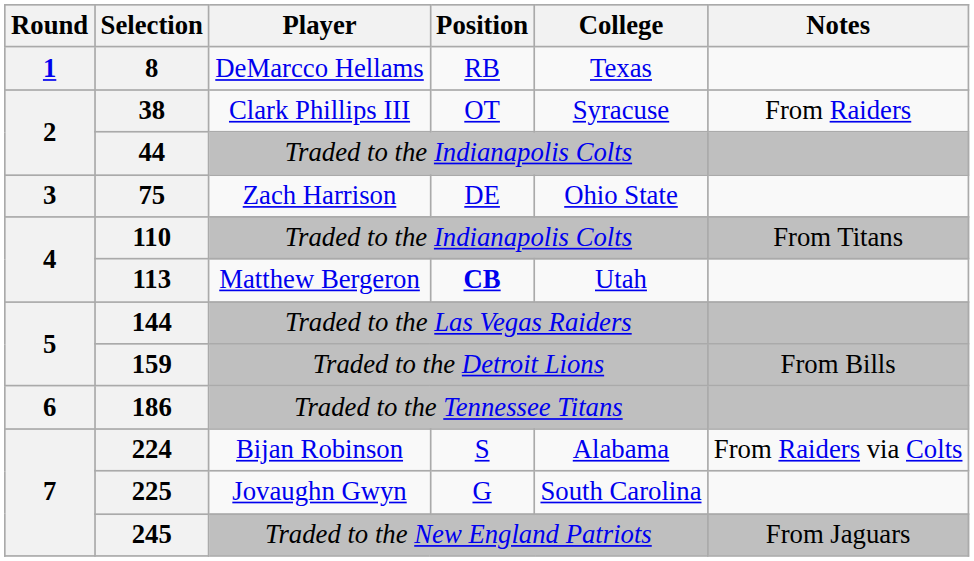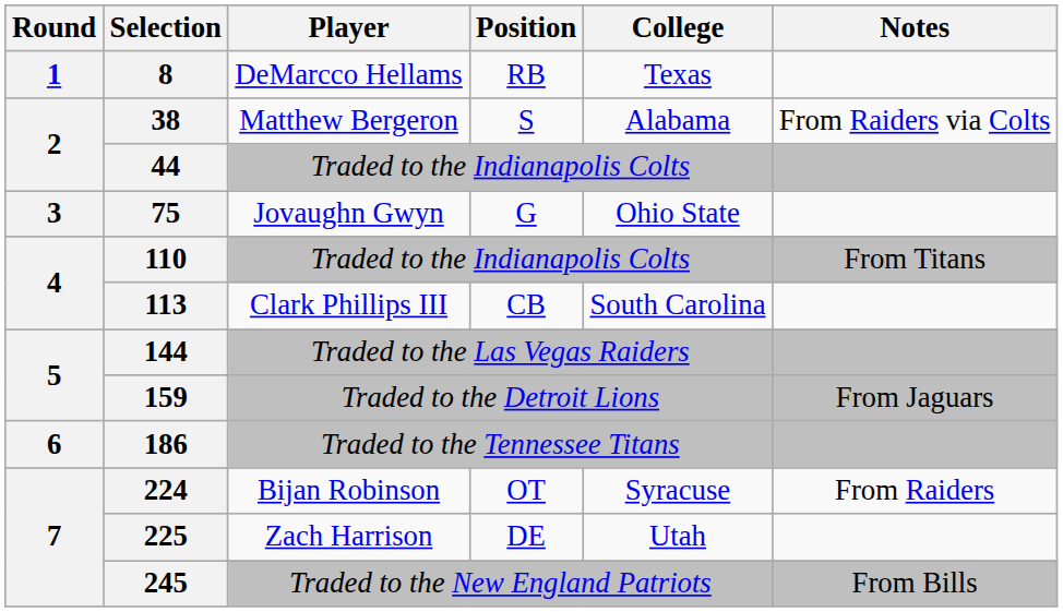 <table class="wikitable" style="text-align:center">
 <tr>
 <th>Round</th>
 <th>Selection</th>
 <th>Player</th>
 <th>Position</th>
 <th>College</th>
 <th>Notes</th>
 </tr>
 <tr>
 <th><a href='#'>1</a></th>
 <th>8</th>
 <td><a href='#'>DeMarcco Hellams</a></td>
 <td><a href='#'>RB</a></td>
 <td><a href='#'>Texas</a></td>
 <td></td>
 </tr>
 <tr>
 <th rowspan="2">2</th>
 <th>38</th>
-<td><a href='#'>Clark Phillips III</a></td>
-<td><a href='#'>OT</a></td>
-<td><a href='#'>Syracuse</a></td>
-<td>From <a href='#'>Raiders</a></td>
+<td><a href='#'>Matthew Bergeron</a></td>
+<td><a href='#'>S</a></td>
+<td><a href='#'>Alabama</a></td>
+<td>From <a href='#'>Raiders</a> via <a href='#'>Colts</a></td>
 </tr>
 <tr>
 <th>44</th>
 <td colspan="3" style="background:#BFBFBF"><em>Traded to the <a href='#'>Indianapolis Colts</a></em></td>
 <td style="background:#BFBFBF"></td>
 </tr>
 <tr>
 <th>3</th>
 <th>75</th>
-<td><a href='#'>Zach Harrison</a></td>
-<td><a href='#'>DE</a></td>
+<td><a href='#'>Jovaughn Gwyn</a></td>
+<td><a href='#'>G</a></td>
 <td><a href='#'>Ohio State</a></td>
 <td></td>
 </tr>
 <tr>
 <th rowspan="2">4</th>
 <th>110</th>
 <td colspan="3" style="background:#BFBFBF"><em>Traded to the <a href='#'>Indianapolis Colts</a></em></td>
 <td style="background:#BFBFBF">From Titans</td>
 </tr>
 <tr>
 <th>113</th>
-<td><a href='#'>Matthew Bergeron</a></td>
-<td><strong><a href='#'>CB</a></strong></td>
-<td><a href='#'>Utah</a></td>
+<td><a href='#'>Clark Phillips III</a></td>
+<td><a href='#'>CB</a></td>
+<td><a href='#'>South Carolina</a></td>
 <td></td>
 </tr>
 <tr>
 <th rowspan="2">5</th>
 <th>144</th>
 <td colspan="3" style="background:#BFBFBF"><em>Traded to the <a href='#'>Las Vegas Raiders</a></em></td>
 <td style="background:#BFBFBF"></td>
 </tr>
 <tr>
 <th>159</th>
 <td colspan="3" style="background:#BFBFBF"><em>Traded to the <a href='#'>Detroit Lions</a></em></td>
-<td style="background:#BFBFBF">From Bills</td>
+<td style="background:#BFBFBF">From Jaguars</td>
 </tr>
 <tr>
 <th>6</th>
 <th>186</th>
 <td colspan="3" style="background:#BFBFBF"><em>Traded to the <a href='#'>Tennessee Titans</a></em></td>
 <td style="background:#BFBFBF"></td>
 </tr>
 <tr>
 <th rowspan="3">7</th>
 <th>224</th>
 <td><a href='#'>Bijan Robinson</a></td>
-<td><a href='#'>S</a></td>
-<td><a href='#'>Alabama</a></td>
-<td>From <a href='#'>Raiders</a> via <a href='#'>Colts</a></td>
+<td><a href='#'>OT</a></td>
+<td><a href='#'>Syracuse</a></td>
+<td>From <a href='#'>Raiders</a></td>
 </tr>
 <tr>
 <th>225</th>
-<td><a href='#'>Jovaughn Gwyn</a></td>
-<td><a href='#'>G</a></td>
-<td><a href='#'>South Carolina</a></td>
+<td><a href='#'>Zach Harrison</a></td>
+<td><a href='#'>DE</a></td>
+<td><a href='#'>Utah</a></td>
 <td></td>
 </tr>
 <tr>
 <th>245</th>
 <td colspan="3" style="background:#BFBFBF"><em>Traded to the <a href='#'>New England Patriots</a></em></td>
-<td style="background:#BFBFBF">From Jaguars</td>
+<td style="background:#BFBFBF">From Bills</td>
 </tr>
 </table>
